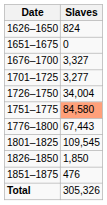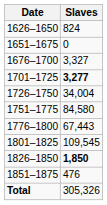 <table class="wikitable" style="float:left;margin:1em;">
 <tr>
 <th>Date</th>
 <th>Slaves</th>
 </tr>
 <tr>
 <td>1626–1650</td>
 <td>824</td>
 </tr>
 <tr>
 <td>1651–1675</td>
 <td>0</td>
 </tr>
 <tr>
 <td>1676–1700</td>
 <td>3,327</td>
 </tr>
 <tr>
 <td>1701–1725</td>
-<td>3,277</td>
+<td><strong>3,277</strong></td>
 </tr>
 <tr>
 <td>1726–1750</td>
 <td>34,004</td>
 </tr>
 <tr>
 <td>1751–1775</td>
-<td style="background: lightsalmon;">84,580</td>
+<td>84,580</td>
 </tr>
 <tr>
 <td>1776–1800</td>
 <td>67,443</td>
 </tr>
 <tr>
 <td>1801–1825</td>
 <td>109,545</td>
 </tr>
 <tr>
 <td>1826–1850</td>
-<td>1,850</td>
+<td><strong>1,850</strong></td>
 </tr>
 <tr>
 <td>1851–1875</td>
 <td>476</td>
 </tr>
 <tr>
 <td><strong>Total</strong></td>
 <td>305,326</td>
 </tr>
 </table>
